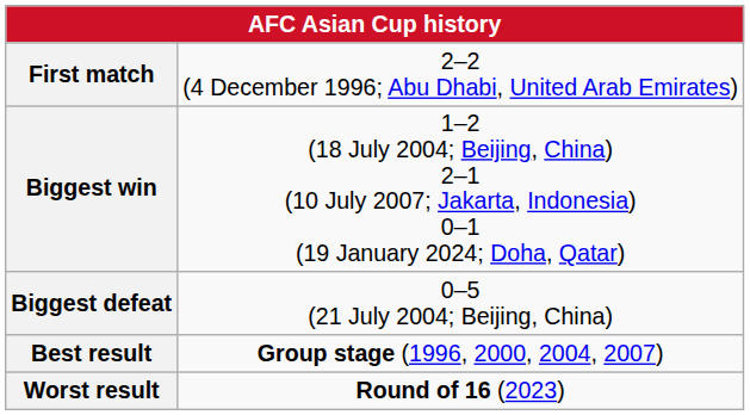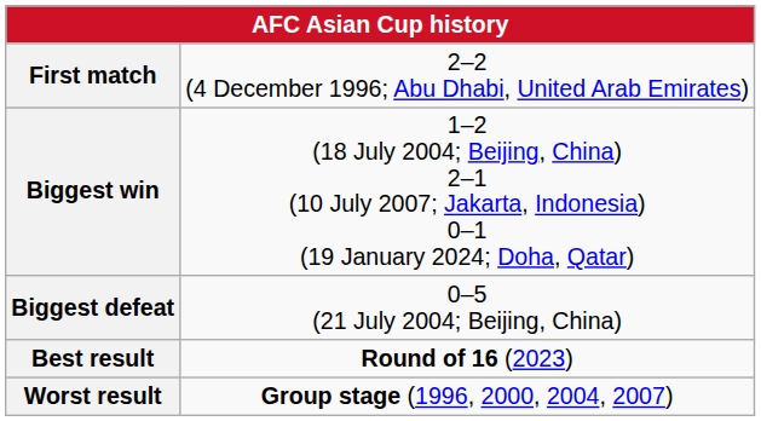 <table class="wikitable collapsible collapsed" style="text-align: center;font-size:90%;">
 <tr>
 <th colspan=6 style="background: #CE1126; color: #FFFFFF;">AFC Asian Cup history</th>
 </tr>
 <tr>
 <th style="text-align: center;">First match</th>
 <td style="text-align:center;"> 2–2 <br>(4 December 1996; <a href='#'>Abu Dhabi</a>, <a href='#'>United Arab Emirates</a>)</td>
 </tr>
 <tr>
 <th style="text-align: center;">Biggest win</th>
 <td style="text-align:center;"> 1–2 <br>(18 July 2004; <a href='#'>Beijing</a>, <a href='#'>China</a>)<br> 2–1 <br>(10 July 2007; <a href='#'>Jakarta</a>, <a href='#'>Indonesia</a>)<br> 0–1 <br>(19 January 2024; <a href='#'>Doha</a>, <a href='#'>Qatar</a>)</td>
 </tr>
 <tr>
 <th style="text-align: center;">Biggest defeat</th>
 <td style="text-align:center;"> 0–5 <br>(21 July 2004; Beijing, China)</td>
 </tr>
 <tr>
 <th style="text-align: center;">Best result</th>
-<td style="text-align:center;"><strong>Group stage</strong> (<a href='#'>1996</a>, <a href='#'>2000</a>, <a href='#'>2004</a>, <a href='#'>2007</a>)</td>
+<td style="text-align:center;"><strong>Round of 16</strong> (<a href='#'>2023</a>)</td>
 </tr>
 <tr>
 <th style="text-align: center;">Worst result</th>
-<td style="text-align:center;"><strong>Round of 16</strong> (<a href='#'>2023</a>)</td>
+<td style="text-align:center;"><strong>Group stage</strong> (<a href='#'>1996</a>, <a href='#'>2000</a>, <a href='#'>2004</a>, <a href='#'>2007</a>)</td>
 </tr>
 </table>
